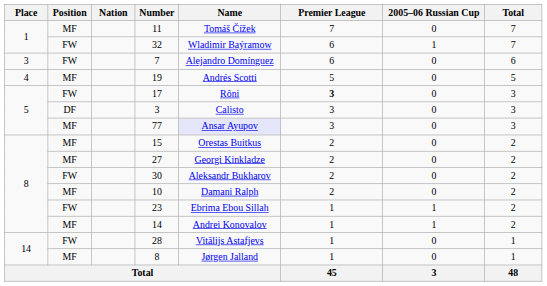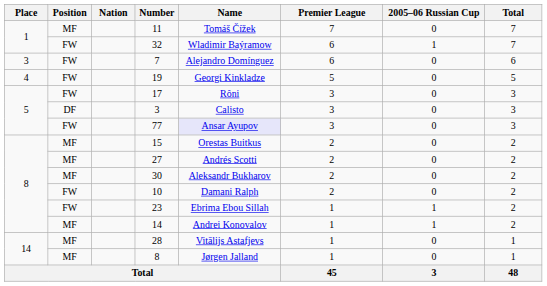 <table class="wikitable" style="font-size: 95%; text-align: center;">
 <tr>
 <th width=60>Place</th>
 <th width=60>Position</th>
 <th width=60>Nation</th>
 <th width=60>Number</th>
 <th width=150>Name</th>
 <th width=150>Premier League</th>
 <th width=150>2005–06 Russian Cup</th>
 <th width=80>Total</th>
 </tr>
 <tr>
 <td rowspan="2">1</td>
 <td>MF</td>
 <td></td>
 <td>11</td>
 <td><a href='#'>Tomáš Čížek</a></td>
 <td>7</td>
 <td>0</td>
 <td>7</td>
 </tr>
 <tr>
 <td>FW</td>
 <td></td>
 <td>32</td>
 <td><a href='#'>Wladimir Baýramow</a></td>
 <td>6</td>
 <td>1</td>
 <td>7</td>
 </tr>
 <tr>
 <td>3</td>
 <td>FW</td>
 <td></td>
 <td>7</td>
 <td><a href='#'>Alejandro Domínguez</a></td>
 <td>6</td>
 <td>0</td>
 <td>6</td>
 </tr>
 <tr>
 <td>4</td>
-<td>MF</td>
+<td>FW</td>
 <td></td>
 <td>19</td>
-<td><a href='#'>Andrés Scotti</a></td>
+<td><a href='#'>Georgi Kinkladze</a></td>
 <td>5</td>
 <td>0</td>
 <td>5</td>
 </tr>
 <tr>
 <td rowspan="3">5</td>
 <td>FW</td>
 <td></td>
 <td>17</td>
 <td><a href='#'>Rôni</a></td>
-<td><strong>3</strong></td>
+<td>3</td>
 <td>0</td>
 <td>3</td>
 </tr>
 <tr>
 <td>DF</td>
 <td></td>
 <td>3</td>
 <td><a href='#'>Calisto</a></td>
 <td>3</td>
 <td>0</td>
 <td>3</td>
 </tr>
 <tr>
-<td>MF</td>
+<td>FW</td>
 <td></td>
 <td>77</td>
 <td style="background: lavender;"><a href='#'>Ansar Ayupov</a></td>
 <td>3</td>
 <td>0</td>
 <td>3</td>
 </tr>
 <tr>
 <td rowspan="6">8</td>
 <td>MF</td>
 <td></td>
 <td>15</td>
 <td><a href='#'>Orestas Buitkus</a></td>
 <td>2</td>
 <td>0</td>
 <td>2</td>
 </tr>
 <tr>
 <td>MF</td>
 <td></td>
 <td>27</td>
-<td><a href='#'>Georgi Kinkladze</a></td>
+<td><a href='#'>Andrés Scotti</a></td>
 <td>2</td>
 <td>0</td>
 <td>2</td>
 </tr>
 <tr>
-<td>FW</td>
+<td>MF</td>
 <td></td>
 <td>30</td>
 <td><a href='#'>Aleksandr Bukharov</a></td>
 <td>2</td>
 <td>0</td>
 <td>2</td>
 </tr>
 <tr>
-<td>MF</td>
+<td>FW</td>
 <td></td>
 <td>10</td>
 <td><a href='#'>Damani Ralph</a></td>
 <td>2</td>
 <td>0</td>
 <td>2</td>
 </tr>
 <tr>
 <td>FW</td>
 <td></td>
 <td>23</td>
 <td><a href='#'>Ebrima Ebou Sillah</a></td>
 <td>1</td>
 <td>1</td>
 <td>2</td>
 </tr>
 <tr>
 <td>MF</td>
 <td></td>
 <td>14</td>
 <td><a href='#'>Andrei Konovalov</a></td>
 <td>1</td>
 <td>1</td>
 <td>2</td>
 </tr>
 <tr>
 <td rowspan="2">14</td>
-<td>FW</td>
+<td>MF</td>
 <td></td>
 <td>28</td>
 <td><a href='#'>Vitālijs Astafjevs</a></td>
 <td>1</td>
 <td>0</td>
 <td>1</td>
 </tr>
 <tr>
 <td>MF</td>
 <td></td>
 <td>8</td>
 <td><a href='#'>Jørgen Jalland</a></td>
 <td>1</td>
 <td>0</td>
 <td>1</td>
 </tr>
 <tr>
 <th colspan=5>Total</th>
 <th>45</th>
 <th>3</th>
 <th>48</th>
 </tr>
 </table>
